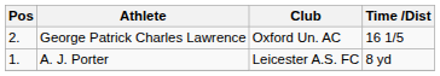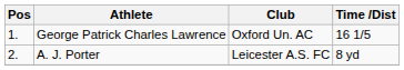 <table class="wikitable">
 <tr>
 <th>Pos</th>
 <th>Athlete</th>
 <th>Club</th>
 <th>Time /Dist</th>
 </tr>
 <tr>
-<td>2.</td>
+<td>1.</td>
 <td>George Patrick Charles Lawrence</td>
 <td>Oxford Un. AC</td>
 <td>16 1/5</td>
 </tr>
 <tr>
-<td>1.</td>
+<td>2.</td>
 <td>A. J. Porter</td>
 <td>Leicester A.S. FC</td>
 <td>8 yd</td>
 </tr>
 <tr>
 </tr>
 </table>
